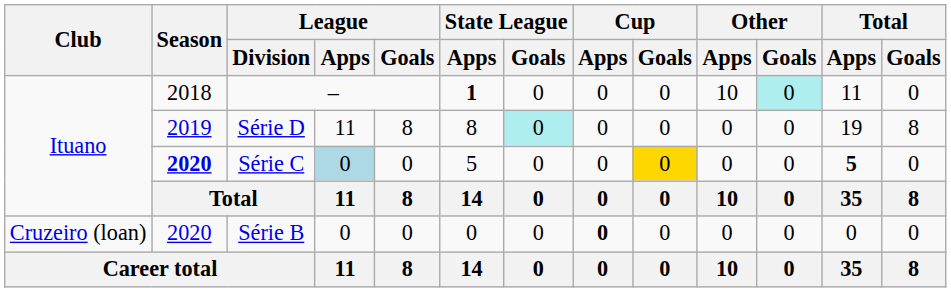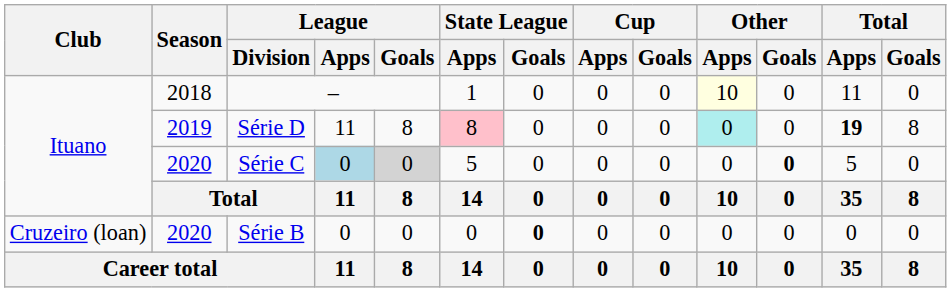 <table class="wikitable" style="text-align: center">
 <tr>
 <th rowspan="2">Club</th>
 <th rowspan="2">Season</th>
 <th colspan="3">League</th>
 <th colspan="2">State League</th>
 <th colspan="2">Cup</th>
 <th colspan="2">Other</th>
 <th colspan="2">Total</th>
 </tr>
 <tr>
 <th>Division</th>
 <th>Apps</th>
 <th>Goals</th>
 <th>Apps</th>
 <th>Goals</th>
 <th>Apps</th>
 <th>Goals</th>
 <th>Apps</th>
 <th>Goals</th>
 <th>Apps</th>
 <th>Goals</th>
 </tr>
 <tr>
 <td rowspan="4"><a href='#'>Ituano</a></td>
 <td>2018</td>
 <td colspan="3">–</td>
-<td><strong>1</strong></td>
+<td>1</td>
 <td>0</td>
 <td>0</td>
 <td>0</td>
-<td>10</td>
-<td style="background: paleturquoise;">0</td>
+<td style="background: lightyellow;">10</td>
+<td>0</td>
 <td>11</td>
 <td>0</td>
 </tr>
 <tr>
 <td><a href='#'>2019</a></td>
 <td><a href='#'>Série D</a></td>
 <td>11</td>
 <td>8</td>
+<td style="background: pink;">8</td>
+<td>0</td>
+<td>0</td>
+<td>0</td>
+<td style="background: paleturquoise;">0</td>
+<td>0</td>
+<td><strong>19</strong></td>
 <td>8</td>
-<td style="background: paleturquoise;">0</td>
+</tr>
+<tr>
+<td><a href='#'>2020</a></td>
+<td><a href='#'>Série C</a></td>
+<td style="background: lightblue;">0</td>
+<td style="background: lightgrey;">0</td>
+<td>5</td>
 <td>0</td>
 <td>0</td>
 <td>0</td>
 <td>0</td>
-<td>19</td>
-<td>8</td>
-</tr>
-<tr>
-<td><strong><a href='#'>2020</a></strong></td>
-<td><a href='#'>Série C</a></td>
-<td style="background: lightblue;">0</td>
-<td>0</td>
+<td><strong>0</strong></td>
 <td>5</td>
-<td>0</td>
-<td>0</td>
-<td style="background: gold;">0</td>
-<td>0</td>
-<td>0</td>
-<td><strong>5</strong></td>
 <td>0</td>
 </tr>
 <tr>
 <th colspan="2"><strong>Total</strong></th>
 <th>11</th>
 <th>8</th>
 <th>14</th>
 <th>0</th>
 <th>0</th>
 <th>0</th>
 <th>10</th>
 <th>0</th>
 <th>35</th>
 <th>8</th>
 </tr>
 <tr>
 <td><a href='#'>Cruzeiro</a> (loan)</td>
 <td><a href='#'>2020</a></td>
 <td><a href='#'>Série B</a></td>
 <td>0</td>
 <td>0</td>
 <td>0</td>
+<td><strong>0</strong></td>
 <td>0</td>
-<td><strong>0</strong></td>
 <td>0</td>
 <td>0</td>
 <td>0</td>
 <td>0</td>
 <td>0</td>
 </tr>
 <tr>
 <th colspan="3"><strong>Career total</strong></th>
 <th>11</th>
 <th>8</th>
 <th>14</th>
 <th>0</th>
 <th>0</th>
 <th>0</th>
 <th>10</th>
 <th>0</th>
 <th>35</th>
 <th>8</th>
 </tr>
 </table>
